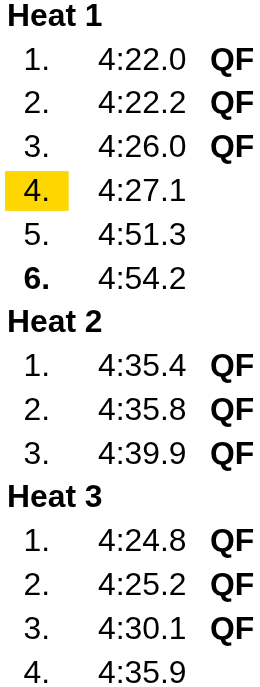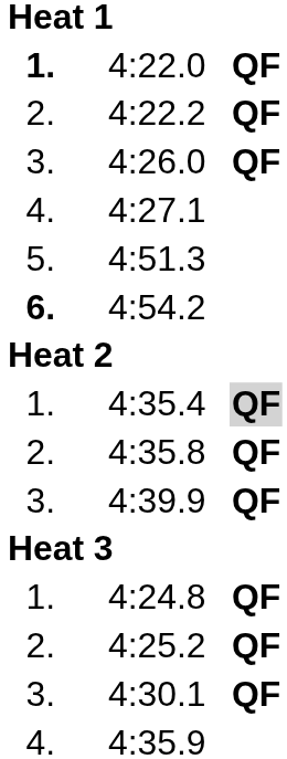 <table style="text-align:center">
 <tr>
 <td colspan=4 align=left><strong>Heat 1</strong></td>
 </tr>
 <tr>
-<td width=30>1.</td>
+<td width=30><strong>1.</strong></td>
 <td align=left></td>
 <td width=60>4:22.0</td>
 <td><strong>QF</strong></td>
 </tr>
 <tr>
 <td>2.</td>
 <td align=left></td>
 <td>4:22.2</td>
 <td><strong>QF</strong></td>
 </tr>
 <tr>
 <td>3.</td>
 <td align=left></td>
 <td>4:26.0</td>
 <td><strong>QF</strong></td>
 </tr>
 <tr>
-<td style="background: gold;">4.</td>
+<td>4.</td>
 <td align=left></td>
 <td>4:27.1</td>
 <td></td>
 </tr>
 <tr>
 <td>5.</td>
 <td align=left></td>
 <td>4:51.3</td>
 <td></td>
 </tr>
 <tr>
 <td><strong>6.</strong></td>
 <td align=left></td>
 <td>4:54.2</td>
 <td></td>
 </tr>
 <tr>
 <td colspan=4 align=left><strong>Heat 2</strong></td>
 </tr>
 <tr>
 <td>1.</td>
 <td align=left></td>
 <td>4:35.4</td>
-<td><strong>QF</strong></td>
+<td style="background: lightgrey;"><strong>QF</strong></td>
 </tr>
 <tr>
 <td>2.</td>
 <td align=left></td>
 <td>4:35.8</td>
 <td><strong>QF</strong></td>
 </tr>
 <tr>
 <td>3.</td>
 <td align=left></td>
 <td>4:39.9</td>
 <td><strong>QF</strong></td>
 </tr>
 <tr>
 <td colspan=4 align=left><strong>Heat 3</strong></td>
 </tr>
 <tr>
 <td>1.</td>
 <td align=left></td>
 <td>4:24.8</td>
 <td><strong>QF</strong></td>
 </tr>
 <tr>
 <td>2.</td>
 <td align=left></td>
 <td>4:25.2</td>
 <td><strong>QF</strong></td>
 </tr>
 <tr>
 <td>3.</td>
 <td align=left></td>
 <td>4:30.1</td>
 <td><strong>QF</strong></td>
 </tr>
 <tr>
 <td>4.</td>
 <td align=left></td>
 <td>4:35.9</td>
 <td></td>
 </tr>
 </table>
